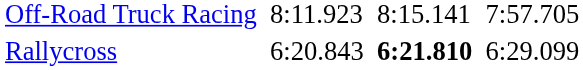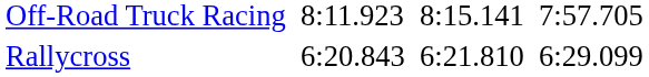 <table>
 <tr>
 <td><a href='#'>Off-Road Truck Racing</a></td>
 <td></td>
 <td>8:11.923</td>
 <td></td>
 <td>8:15.141</td>
 <td></td>
 <td>7:57.705</td>
 </tr>
 <tr>
 <td><a href='#'>Rallycross</a></td>
 <td></td>
 <td>6:20.843</td>
 <td></td>
-<td><strong>6:21.810</strong></td>
+<td>6:21.810</td>
 <td></td>
 <td>6:29.099</td>
 </tr>
 </table>
